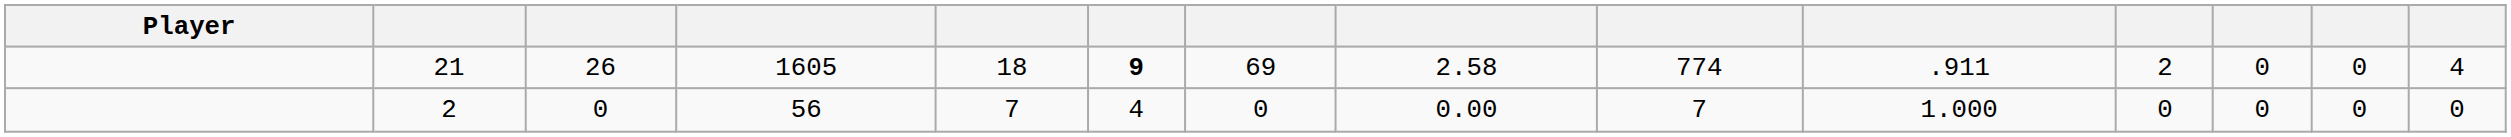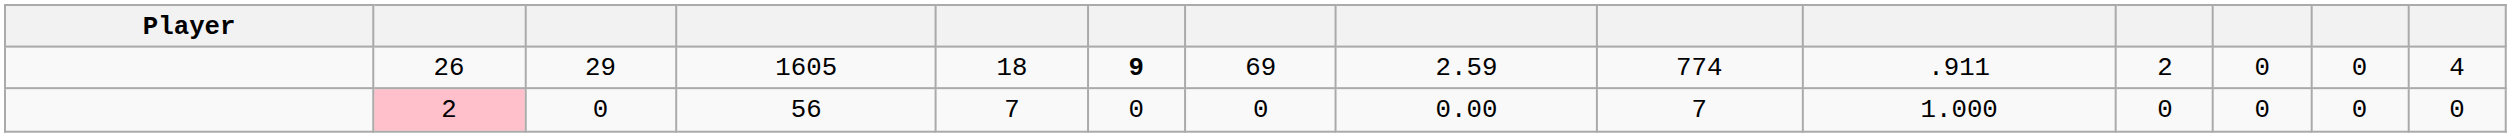 <table class="wikitable sortable" style="width:100%;">
 <tr style="text-align:center; background:#ddd;">
 <th>Player</th>
 <th></th>
 <th></th>
 <th></th>
 <th></th>
 <th></th>
 <th></th>
 <th></th>
 <th></th>
 <th></th>
 <th></th>
 <th></th>
 <th></th>
 <th></th>
 </tr>
 <tr align=center>
 <td style=white-space:nowrap></td>
-<td>21</td>
 <td>26</td>
+<td>29</td>
 <td>1605</td>
 <td>18</td>
 <td><strong>9</strong></td>
 <td>69</td>
-<td>2.58</td>
+<td>2.59</td>
 <td>774</td>
 <td>.911</td>
 <td>2</td>
 <td>0</td>
 <td>0</td>
 <td>4</td>
 </tr>
 <tr align=center>
 <td style=white-space:nowrap></td>
-<td>2</td>
+<td style="background: pink;">2</td>
 <td>0</td>
 <td>56</td>
 <td>7</td>
-<td>4</td>
+<td>0</td>
 <td>0</td>
 <td>0.00</td>
 <td>7</td>
 <td>1.000</td>
 <td>0</td>
 <td>0</td>
 <td>0</td>
 <td>0</td>
 </tr>
 </table>
